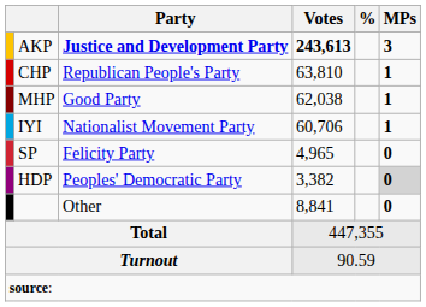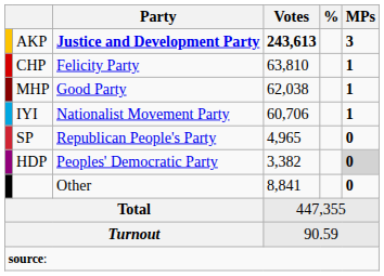 <table class="wikitable">
 <tr>
 <th colspan="2" align="center"></th>
 <th align="center">Party</th>
 <th align="center">Votes</th>
 <th align="center">%</th>
 <th align="center">MPs</th>
 </tr>
 <tr align="left">
 <td bgcolor="#FDC400" width="1"></td>
 <td>AKP</td>
 <td><strong><a href='#'>Justice and Development Party</a></strong></td>
 <td><strong>243,613</strong></td>
 <td><strong></strong></td>
 <td><strong>3</strong></td>
 </tr>
 <tr align="left">
 <td bgcolor="#d50000" width="1"></td>
 <td>CHP</td>
-<td><a href='#'>Republican People's Party</a></td>
+<td><a href='#'>Felicity Party</a></td>
 <td>63,810</td>
 <td></td>
 <td><strong>1</strong></td>
 </tr>
 <tr align="left">
 <td bgcolor="#870000" width="1"></td>
 <td>MHP</td>
 <td><a href='#'>Good Party</a></td>
 <td>62,038</td>
 <td></td>
 <td><strong>1</strong></td>
 </tr>
 <tr align="left">
 <td bgcolor="#01A7E1" width="1"></td>
 <td>IYI</td>
 <td><a href='#'>Nationalist Movement Party</a></td>
 <td>60,706</td>
 <td></td>
 <td><strong>1</strong></td>
 </tr>
 <tr align="left">
 <td bgcolor="#D02433" width="1"></td>
 <td>SP</td>
-<td><a href='#'>Felicity Party</a></td>
+<td><a href='#'>Republican People's Party</a></td>
 <td>4,965</td>
 <td></td>
 <td><strong>0</strong></td>
 </tr>
 <tr align="left">
 <td bgcolor="#91007B" width="1"></td>
 <td>HDP</td>
 <td><a href='#'>Peoples' Democratic Party</a></td>
 <td>3,382</td>
 <td></td>
 <td style="background: lightgrey;"><strong>0</strong></td>
 </tr>
 <tr align="left">
 <td bgcolor=" " width="1"></td>
 <td></td>
 <td>Other</td>
 <td>8,841</td>
 <td></td>
 <td><strong>0</strong></td>
 </tr>
 <tr align="left" style="background-color:#E9E9E9">
 <th colspan="3" align="center"><strong>Total</strong></th>
 <td colspan="5" align="center">447,355</td>
 </tr>
 <tr align="left" style="background-color:#E9E9E9">
 <th colspan="3" align="center"><em>Turnout</em></th>
 <td colspan="5" align="center">90.59</td>
 </tr>
 <tr>
 <td colspan="9" align="left"><small><strong>source</strong>: </small></td>
 </tr>
 </table>
